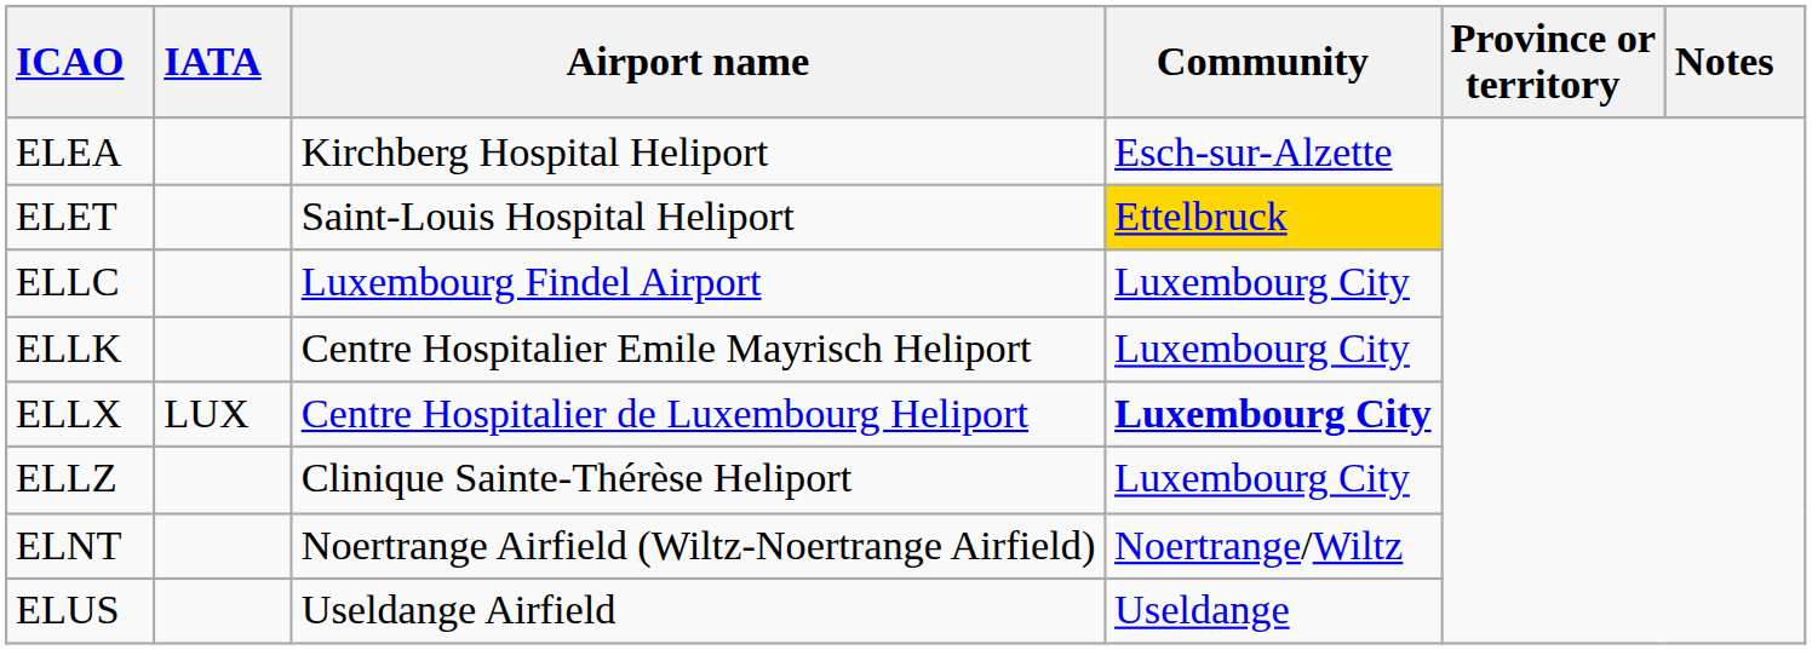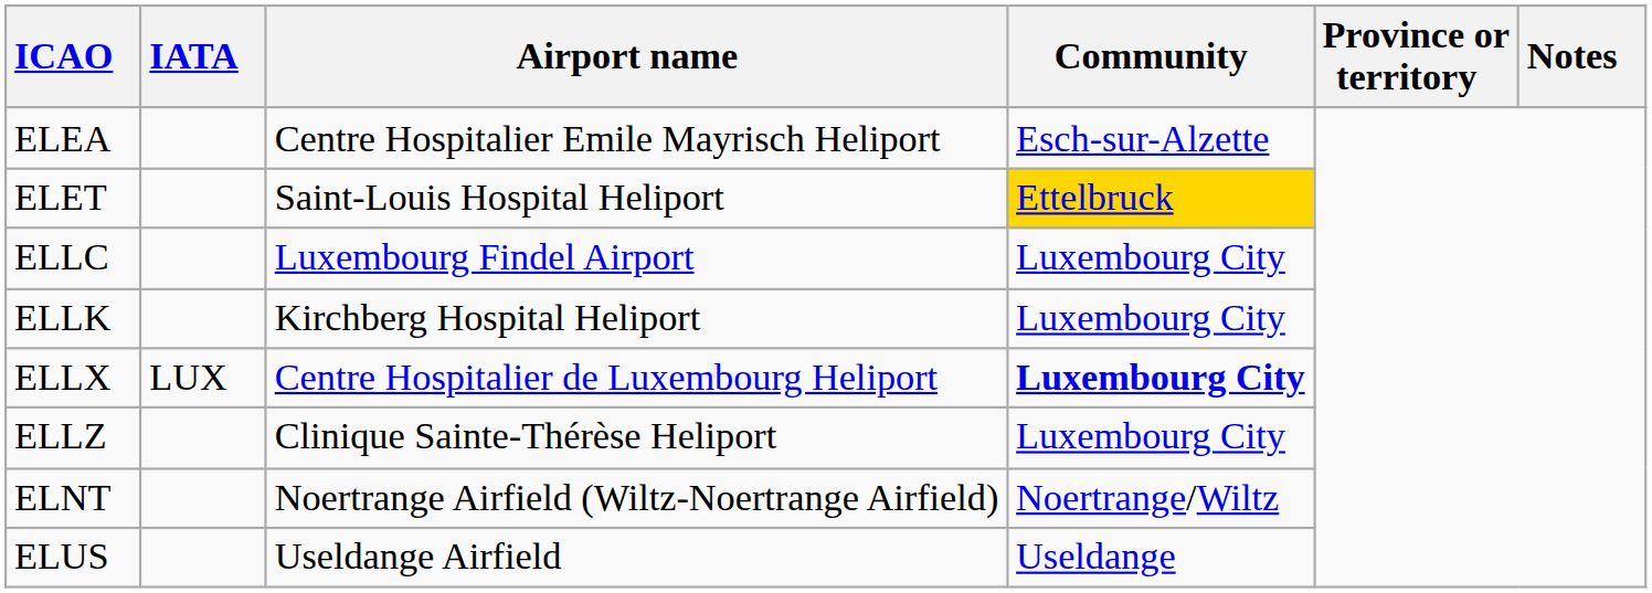 <table class="wikitable" style="width:auto;">
 <tr>
 <th width="*"><a href='#'>ICAO</a>  </th>
 <th width="*"><a href='#'>IATA</a>  </th>
 <th width="*">Airport name  </th>
 <th width="*">Community  </th>
 <th width="*">Province or<br>territory  </th>
 <th width="*">Notes  </th>
 </tr>
 <tr>
 <td>ELEA</td>
 <td></td>
-<td>Kirchberg Hospital Heliport</td>
+<td>Centre Hospitalier Emile Mayrisch Heliport</td>
 <td><a href='#'>Esch-sur-Alzette</a></td>
 </tr>
 <tr>
 <td>ELET</td>
 <td></td>
 <td>Saint-Louis Hospital Heliport</td>
 <td style="background: gold;"><a href='#'>Ettelbruck</a></td>
 </tr>
 <tr>
 <td>ELLC</td>
 <td></td>
 <td><a href='#'>Luxembourg Findel Airport</a></td>
 <td><a href='#'>Luxembourg City</a></td>
 </tr>
 <tr>
 <td>ELLK</td>
 <td></td>
-<td>Centre Hospitalier Emile Mayrisch Heliport</td>
+<td>Kirchberg Hospital Heliport</td>
 <td><a href='#'>Luxembourg City</a></td>
 </tr>
 <tr>
 <td>ELLX</td>
 <td>LUX</td>
 <td><a href='#'>Centre Hospitalier de Luxembourg Heliport</a></td>
 <td><strong><a href='#'>Luxembourg City</a></strong></td>
 </tr>
 <tr>
 <td>ELLZ</td>
 <td></td>
 <td>Clinique Sainte-Thérèse Heliport</td>
 <td><a href='#'>Luxembourg City</a></td>
 </tr>
 <tr>
 <td>ELNT</td>
 <td></td>
 <td>Noertrange Airfield (Wiltz-Noertrange Airfield)</td>
 <td><a href='#'>Noertrange</a>/<a href='#'>Wiltz</a></td>
 </tr>
 <tr>
 <td>ELUS</td>
 <td></td>
 <td>Useldange Airfield</td>
 <td><a href='#'>Useldange</a></td>
 </tr>
 </table>
